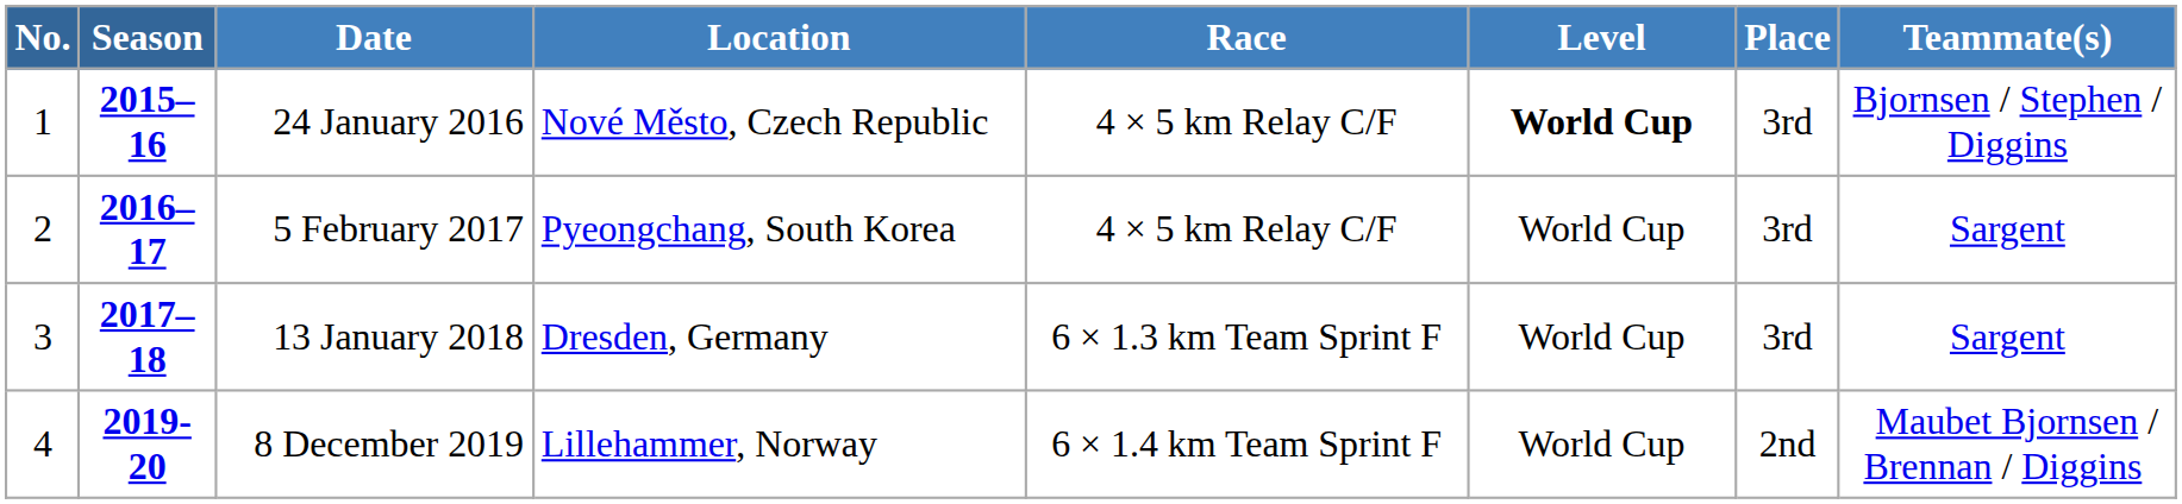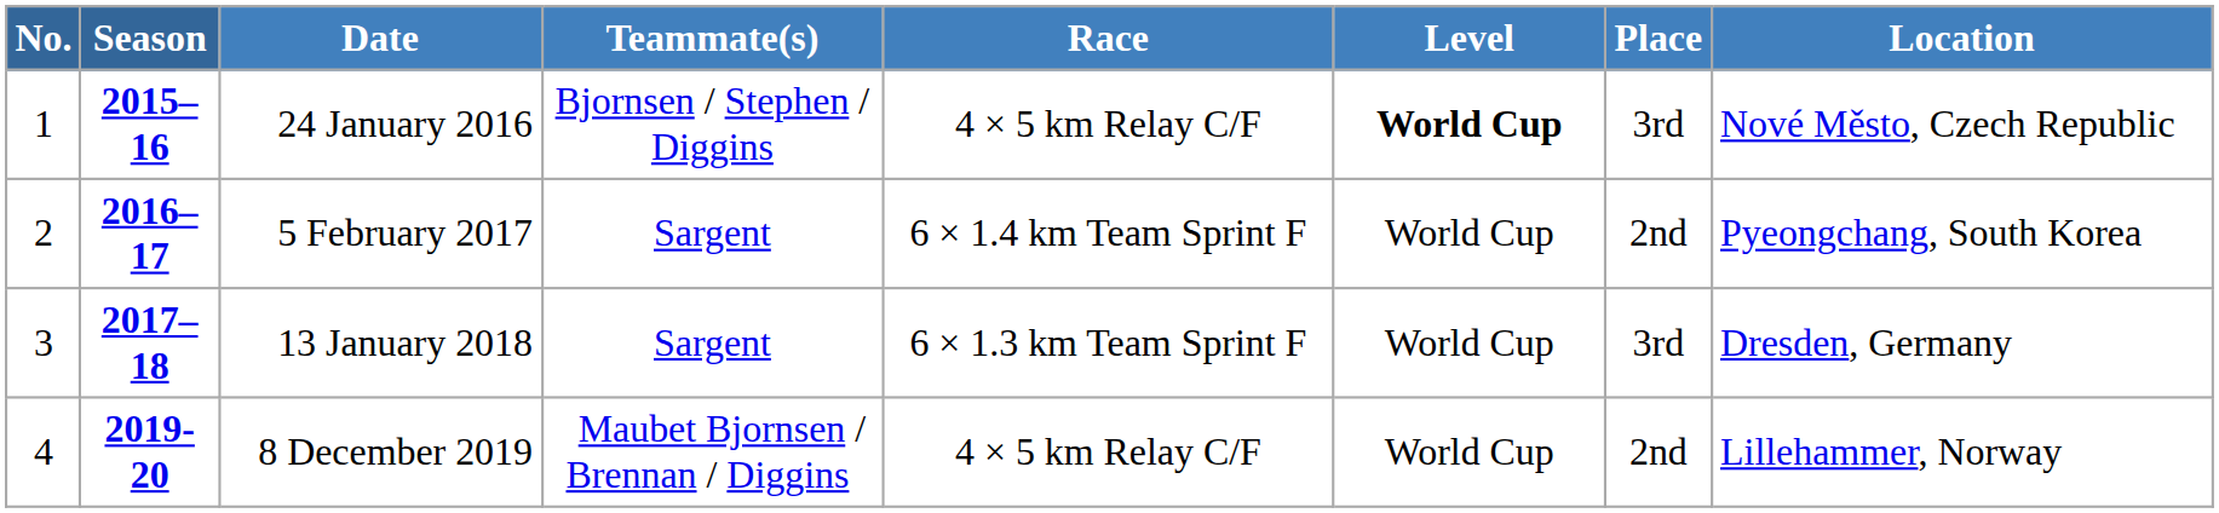 <table class="wikitable sortable" style="font-size:95%; text-align:center; border:grey solid 1px; border-collapse:collapse; background:#ffffff;">
 <tr style="background:#efefef;">
 <th style="background-color:#369; color:white;">No.</th>
 <th style="background-color:#369; color:white;">Season</th>
 <th style="background-color:#4180be; color:white; width:120px;">Date</th>
-<th style="background-color:#4180be; color:white; width:190px;">Location</th>
+<th style="background-color:#4180be; color:white;">Teammate(s)</th>
 <th style="background-color:#4180be; color:white; width:170px;">Race</th>
 <th style="background-color:#4180be; color:white; width:100px;">Level</th>
 <th style="background-color:#4180be; color:white;">Place</th>
-<th style="background-color:#4180be; color:white;">Teammate(s)</th>
+<th style="background-color:#4180be; color:white; width:190px;">Location</th>
 </tr>
 <tr>
 <td align=center>1</td>
 <td rowspan=1 align=center><strong><a href='#'>2015–16</a></strong></td>
 <td align=right>24 January 2016</td>
-<td align=left> <a href='#'>Nové Město</a>, Czech Republic</td>
+<td><a href='#'>Bjornsen</a> / <a href='#'>Stephen</a> / <a href='#'>Diggins</a></td>
 <td>4 × 5 km Relay C/F</td>
 <td><strong>World Cup</strong></td>
 <td>3rd</td>
-<td><a href='#'>Bjornsen</a> / <a href='#'>Stephen</a> / <a href='#'>Diggins</a></td>
+<td align=left> <a href='#'>Nové Město</a>, Czech Republic</td>
 </tr>
 <tr>
 <td align=center>2</td>
 <td rowspan=1 align=center><strong><a href='#'>2016–17</a></strong></td>
 <td align=right>5 February 2017</td>
+<td><a href='#'>Sargent</a></td>
+<td>6 × 1.4 km Team Sprint F</td>
+<td>World Cup</td>
+<td>2nd</td>
 <td align=left> <a href='#'>Pyeongchang</a>, South Korea</td>
-<td>4 × 5 km Relay C/F</td>
-<td>World Cup</td>
-<td>3rd</td>
-<td><a href='#'>Sargent</a></td>
 </tr>
 <tr>
 <td align=center>3</td>
 <td rowspan=1 align=center><strong><a href='#'>2017–18</a></strong></td>
 <td align=right>13 January 2018</td>
-<td align=left> <a href='#'>Dresden</a>, Germany</td>
+<td><a href='#'>Sargent</a></td>
 <td>6 × 1.3 km Team Sprint F</td>
 <td>World Cup</td>
 <td>3rd</td>
-<td><a href='#'>Sargent</a></td>
+<td align=left> <a href='#'>Dresden</a>, Germany</td>
 </tr>
 <tr>
 <td align=center>4</td>
 <td align=center><strong><a href='#'>2019-20</a></strong></td>
 <td align= right>8 December 2019</td>
-<td align=left> <a href='#'>Lillehammer</a>, Norway</td>
-<td>6 × 1.4 km Team Sprint F</td>
+<td>  <a href='#'>Maubet Bjornsen</a> / <a href='#'>Brennan</a> / <a href='#'>Diggins</a> </td>
+<td>4 × 5 km Relay C/F</td>
 <td>World Cup</td>
 <td>2nd</td>
-<td>  <a href='#'>Maubet Bjornsen</a> / <a href='#'>Brennan</a> / <a href='#'>Diggins</a> </td>
+<td align=left> <a href='#'>Lillehammer</a>, Norway</td>
 </tr>
 </table>
